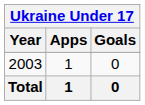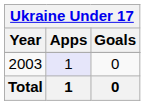 <table class="wikitable" style="text-align:center">
 <tr>
 <th colspan=3><a href='#'>Ukraine Under 17</a></th>
 </tr>
 <tr>
 <th>Year</th>
 <th width="40">Apps</th>
 <th width="40">Goals</th>
 </tr>
 <tr>
 </tr>
 <tr>
 <td>2003</td>
-<td>1</td>
+<td style="background: lavender;">1</td>
 <td>0</td>
 </tr>
 <tr>
 <th>Total</th>
 <th>1</th>
 <th>0</th>
 </tr>
 </table>
